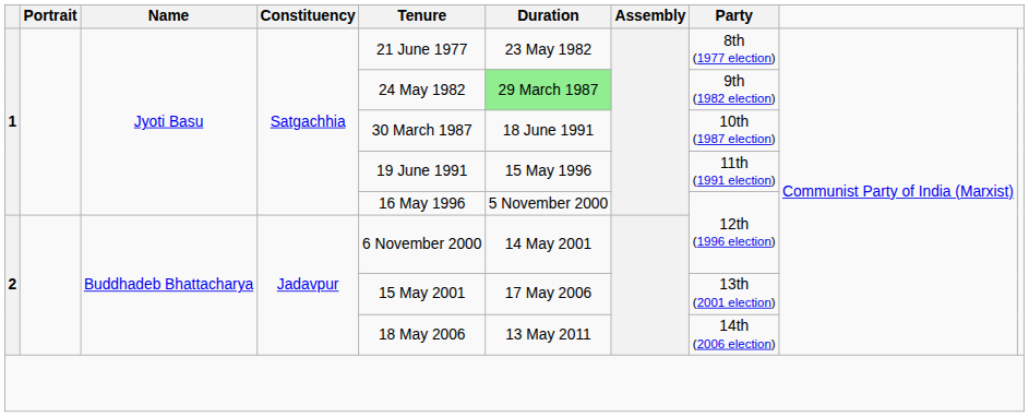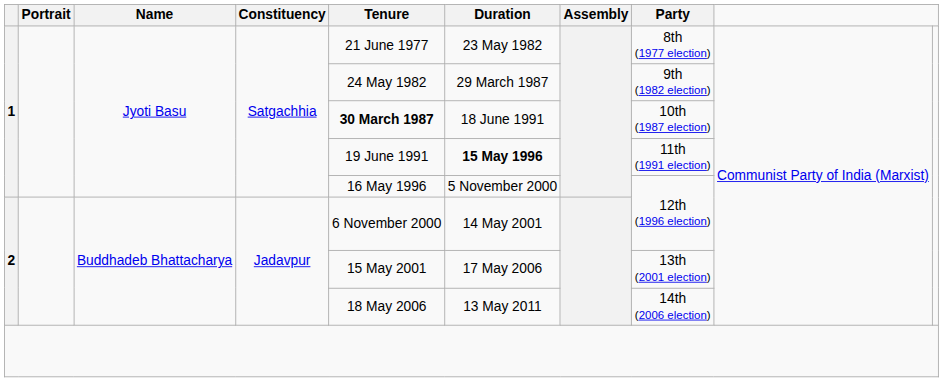 <table class="wikitable" style="text-align:center">
 <tr>
 <th Style="background-color:"></th>
 <th Style="background-color:">Portrait</th>
 <th Style="background-color:">Name</th>
 <th Style="background-color:">Constituency</th>
 <th Style="background-color:">Tenure</th>
 <th Style="background-color:">Duration</th>
 <th Style="background-color:">Assembly<br></th>
 <th Style="background-color:">Party</th>
 </tr>
 <tr>
 <th rowspan="5">1</th>
 <td rowspan="5" scope="row"></td>
 <td rowspan="5" scope="row" style="height: 60px;"><a href='#'>Jyoti Basu</a></td>
 <td rowspan="5"><a href='#'>Satgachhia</a></td>
 <td>21 June 1977</td>
 <td>23 May 1982</td>
 <th rowspan="5"></th>
 <td>8th<br><small>(<a href='#'>1977 election</a>)</small></td>
 <td rowspan="8"><a href='#'>Communist Party of India (Marxist)</a></td>
 <td rowspan="8" style="background-color: "></td>
 </tr>
 <tr>
 <td>24 May 1982</td>
-<td style="background: lightgreen;">29 March 1987</td>
+<td>29 March 1987</td>
 <td>9th<br><small>(<a href='#'>1982 election</a>)</small></td>
 </tr>
 <tr>
-<td>30 March 1987</td>
+<td><strong>30 March 1987</strong></td>
 <td>18 June 1991</td>
 <td>10th<br><small>(<a href='#'>1987 election</a>)</small></td>
 </tr>
 <tr>
 <td>19 June 1991</td>
-<td>15 May 1996</td>
+<td><strong>15 May 1996</strong></td>
 <td>11th<br><small>(<a href='#'>1991 election</a>)</small></td>
 </tr>
 <tr>
 <td>16 May 1996</td>
 <td>5 November 2000</td>
 <td rowspan="2" style="height: 80px;">12th<br><small>(<a href='#'>1996 election</a>)</small></td>
 </tr>
 <tr>
 <th rowspan="3">2</th>
 <td rowspan="3" scope="row"></td>
 <td rowspan="3" scope="row" style="height: 60px;"><a href='#'>Buddhadeb Bhattacharya</a></td>
 <td rowspan="3"><a href='#'>Jadavpur</a></td>
 <td>6 November 2000</td>
 <td>14 May 2001</td>
 <th rowspan="3"></th>
 </tr>
 <tr>
 <td>15 May 2001</td>
 <td>17 May 2006</td>
 <td>13th<br><small>(<a href='#'>2001 election</a>)</small></td>
 </tr>
 <tr>
 <td>18 May 2006</td>
 <td>13 May 2011</td>
 <td>14th <br><small>(<a href='#'>2006 election</a>)</small></td>
 </tr>
 <tr style="height: 60px;">
 </tr>
 </table>
